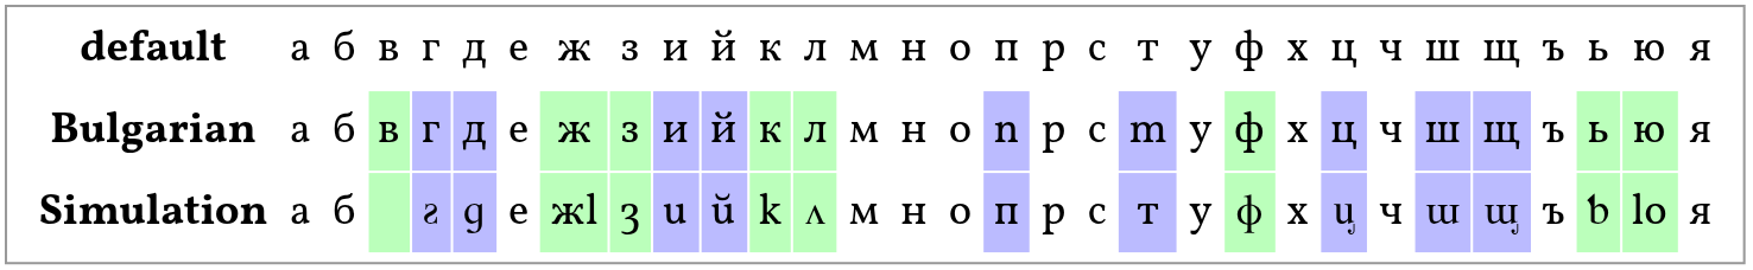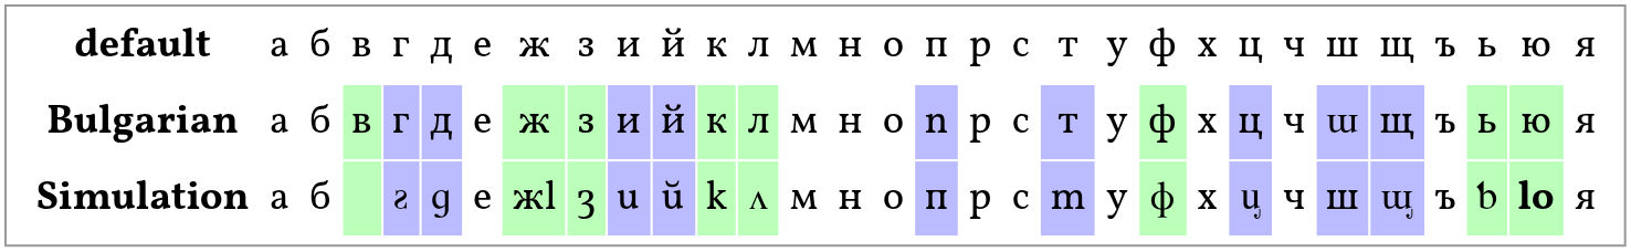 <table border=0 cellpadding=4 cellspacing=1 style="padding:0 .5em .2em; border:1px solid #999; margin:1em 0;">
 <tr style="font-family:Vollkorn,FreeSerif,Cambria,'Times New Roman','Nimbus Roman No9 L','Century Schoolbook L','Trebuchet MS','URW Bookman L','URW Chancery L','URW Palladio L',Teams,serif; font-size:large; text-align:center; " lang="ru">
 <th lang="en">default</th>
 <td>а</td>
 <td>б</td>
 <td>в</td>
 <td>г</td>
 <td>д</td>
 <td>е</td>
 <td>ж</td>
 <td>з</td>
 <td>и</td>
 <td>й</td>
 <td>к</td>
 <td>л</td>
 <td>м</td>
 <td>н</td>
 <td>о</td>
 <td>п</td>
 <td>р</td>
 <td>с</td>
 <td>т</td>
 <td>у</td>
 <td>ф</td>
 <td>х</td>
 <td>ц</td>
 <td>ч</td>
 <td>ш</td>
 <td>щ</td>
 <td>ъ</td>
 <td>ь</td>
 <td>ю</td>
 <td>я</td>
 </tr>
 <tr style="font-family:Vollkorn,FreeSerif,Cambria,'Times New Roman','Nimbus Roman No9 L','Century Schoolbook L','Trebuchet MS','URW Bookman L','URW Chancery L','URW Palladio L',Teams,serif; font-size:large; text-align:center; " lang="bg">
 <th lang="en">Bulgarian</th>
 <td>а</td>
 <td>б</td>
 <td style="background:#BFB">в</td>
 <td style="background:#BBF">г</td>
 <td style="background:#BBF">д</td>
 <td>е</td>
 <td style="background:#BFB">ж</td>
 <td style="background:#BFB">з</td>
 <td style="background:#BBF">и</td>
 <td style="background:#BBF">й</td>
 <td style="background:#BFB">к</td>
 <td style="background:#BFB">л</td>
 <td>м</td>
 <td>н</td>
 <td>о</td>
 <td style="background:#BBF">n</td>
 <td>р</td>
 <td>с</td>
-<td style="background:#BBF">m</td>
+<td style="background:#BBF">т</td>
 <td>у</td>
 <td style="background:#BFB">ф</td>
 <td>х</td>
 <td style="background:#BBF">ц</td>
 <td>ч</td>
-<td style="background:#BBF">ш</td>
+<td style="background:#BBF">ɯ</td>
 <td style="background:#BBF">щ</td>
 <td>ъ</td>
 <td style="background:#BFB">ь</td>
 <td style="background:#BFB">ю</td>
 <td>я</td>
 </tr>
 <tr style="font-family:Vollkorn,FreeSerif,Cambria,'Times New Roman','Nimbus Roman No9 L','Century Schoolbook L','Trebuchet MS','URW Bookman L','URW Chancery L','URW Palladio L',Teams,serif; font-size:large; text-align:center; " lang="ru">
 <th lang="en">Simulation</th>
 <td>а</td>
 <td>б</td>
 <td style="background:#BFB"></td>
 <td style="background:#BBF">ƨ</td>
 <td style="background:#BBF">ɡ</td>
 <td>е</td>
 <td style="background:#BFB"><span>ж<span><span>l</span></span></span></td>
 <td style="background:#BFB">ȝ</td>
 <td style="background:#BBF">u</td>
 <td style="background:#BBF">ŭ</td>
 <td style="background:#BFB">k</td>
 <td style="background:#BFB">ʌ</td>
 <td>м</td>
 <td>н</td>
 <td>o</td>
 <td style="background:#BBF">п</td>
 <td>р</td>
 <td>с</td>
-<td style="background:#BBF">т</td>
+<td style="background:#BBF">m</td>
 <td>у</td>
 <td style="background:#BFB">ɸ</td>
 <td>х</td>
 <td style="background:#BBF">u̡</td>
 <td>ч</td>
-<td style="background:#BBF">ɯ</td>
+<td style="background:#BBF">ш</td>
 <td style="background:#BBF">ɯ̡</td>
 <td>ъ</td>
 <td style="background:#BFB">ƅ</td>
-<td style="background:#BFB">lo</td>
+<td style="background:#BFB"><strong>lo</strong></td>
 <td>я</td>
 </tr>
 </table>
